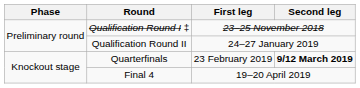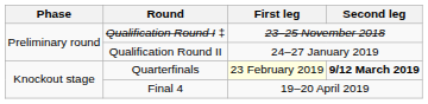 <table class="wikitable" style="text-align:center">
 <tr>
 <th>Phase</th>
 <th>Round</th>
 <th>First leg</th>
 <th>Second leg</th>
 </tr>
 <tr>
 <td rowspan=2>Preliminary round</td>
 <td><s><em>Qualification Round I</em></s> ‡</td>
 <td colspan=2><s><em>23–25 November 2018</em></s></td>
 </tr>
 <tr>
 <td>Qualification Round II</td>
 <td colspan=2>24–27 January 2019</td>
 </tr>
 <tr>
 <td rowspan=3>Knockout stage</td>
 <td>Quarterfinals</td>
-<td>23 February 2019</td>
+<td style="background: lightyellow;">23 February 2019</td>
 <td><strong>9/12 March 2019</strong></td>
 </tr>
 <tr>
 <td>Final 4</td>
 <td colspan=2>19–20 April 2019</td>
 </tr>
 </table>
